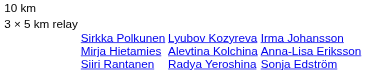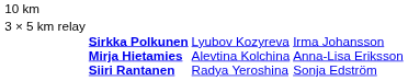 <table>
 <tr>
 <td>10 km<br></td>
 <td></td>
 <td></td>
 <td></td>
 </tr>
 <tr valign="top">
 <td>3 × 5 km relay<br></td>
-<td><br><a href='#'>Sirkka Polkunen</a><br><a href='#'>Mirja Hietamies</a><br><a href='#'>Siiri Rantanen</a></td>
+<td><strong><br><a href='#'>Sirkka Polkunen</a><br><a href='#'>Mirja Hietamies</a><br><a href='#'>Siiri Rantanen</a></strong></td>
 <td><br><a href='#'>Lyubov Kozyreva</a><br><a href='#'>Alevtina Kolchina</a><br><a href='#'>Radya Yeroshina</a></td>
 <td><br><a href='#'>Irma Johansson</a><br><a href='#'>Anna-Lisa Eriksson</a><br><a href='#'>Sonja Edström</a></td>
 </tr>
 </table>
